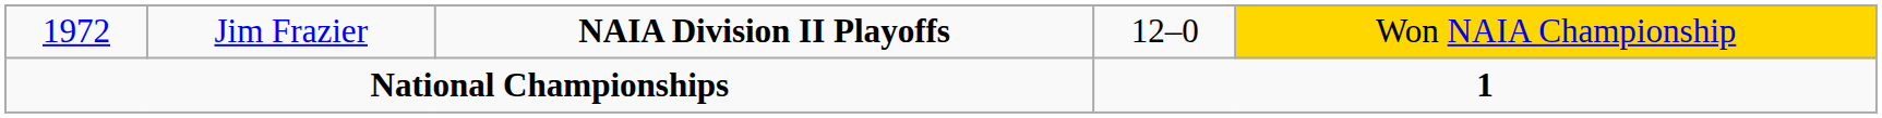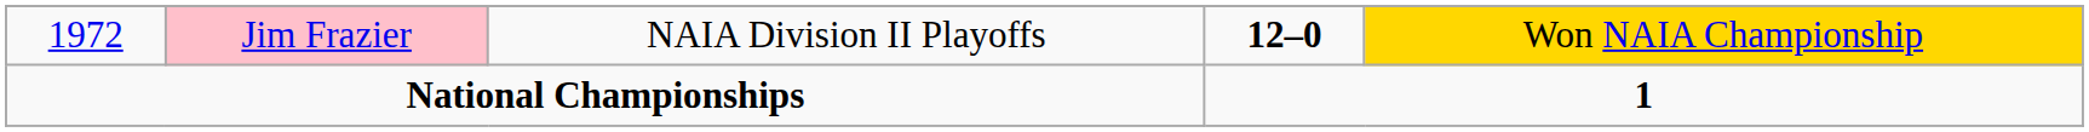 <table class="wikitable" style="width:70%;">
 <tr>
 </tr>
 <tr style="text-align:center;">
 <td><a href='#'>1972</a></td>
-<td><a href='#'>Jim Frazier</a></td>
-<td><strong>NAIA Division II Playoffs</strong></td>
-<td>12–0</td>
+<td style="background: pink;"><a href='#'>Jim Frazier</a></td>
+<td>NAIA Division II Playoffs</td>
+<td><strong>12–0</strong></td>
 <td style="background: gold;">Won <a href='#'>NAIA Championship</a></td>
 </tr>
 <tr align="center">
 <td colspan=3><strong>National Championships</strong></td>
 <td colspan=3><strong>1</strong></td>
 </tr>
 </table>
